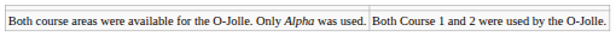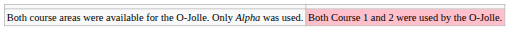 <table class="wikitable" style="text-align:center;">
 <tr>
 <td></td>
 <td></td>
 </tr>
 <tr>
 <td>Both course areas were available for the O-Jolle. Only <em>Alpha</em> was used.</td>
-<td>Both Course 1 and 2 were used by the O-Jolle.</td>
+<td style="background: pink;">Both Course 1 and 2 were used by the O-Jolle.</td>
 </tr>
 </table>
